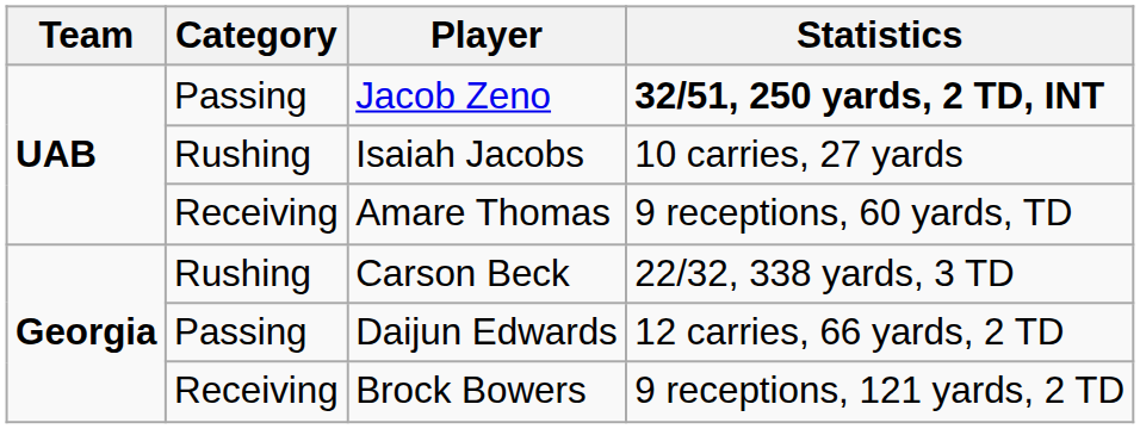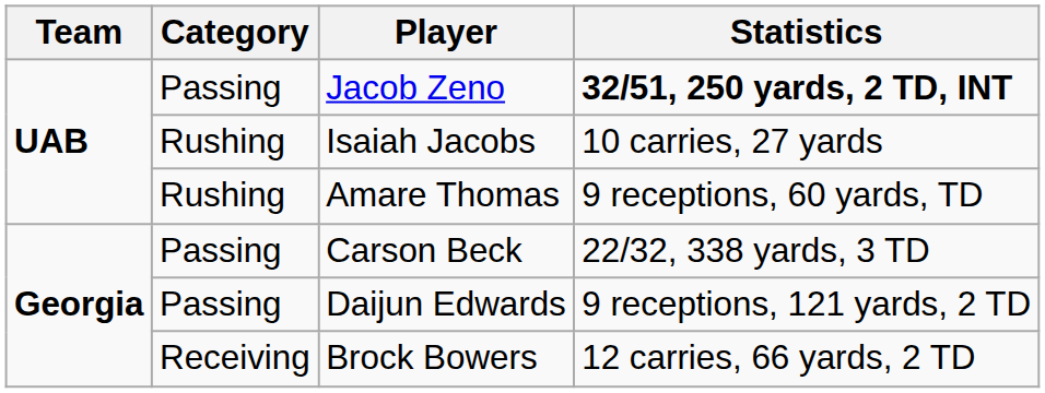 <table class="wikitable" style="float: right;">
 <tr>
 <th>Team</th>
 <th>Category</th>
 <th>Player</th>
 <th>Statistics</th>
 </tr>
 <tr>
 <td rowspan=3><strong>UAB</strong></td>
 <td>Passing</td>
 <td><a href='#'>Jacob Zeno</a></td>
 <td><strong>32/51, 250 yards, 2 TD, INT</strong></td>
 </tr>
 <tr>
 <td>Rushing</td>
 <td>Isaiah Jacobs</td>
 <td>10 carries, 27 yards</td>
 </tr>
 <tr>
-<td>Receiving</td>
+<td>Rushing</td>
 <td>Amare Thomas</td>
 <td>9 receptions, 60 yards, TD</td>
 </tr>
 <tr>
 <td rowspan=3><strong>Georgia</strong></td>
-<td>Rushing</td>
+<td>Passing</td>
 <td>Carson Beck</td>
 <td>22/32, 338 yards, 3 TD</td>
 </tr>
 <tr>
 <td>Passing</td>
 <td>Daijun Edwards</td>
-<td>12 carries, 66 yards, 2 TD</td>
+<td>9 receptions, 121 yards, 2 TD</td>
 </tr>
 <tr>
 <td>Receiving</td>
 <td>Brock Bowers</td>
-<td>9 receptions, 121 yards, 2 TD</td>
+<td>12 carries, 66 yards, 2 TD</td>
 </tr>
 </table>
